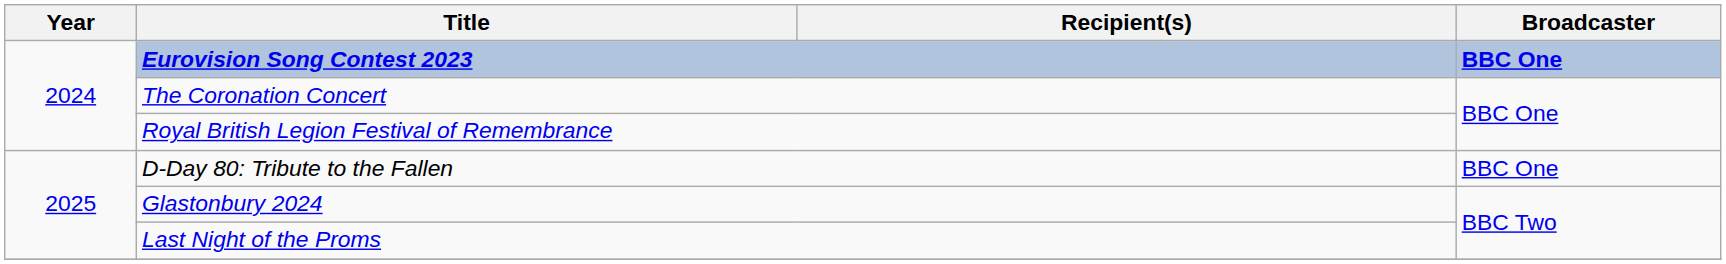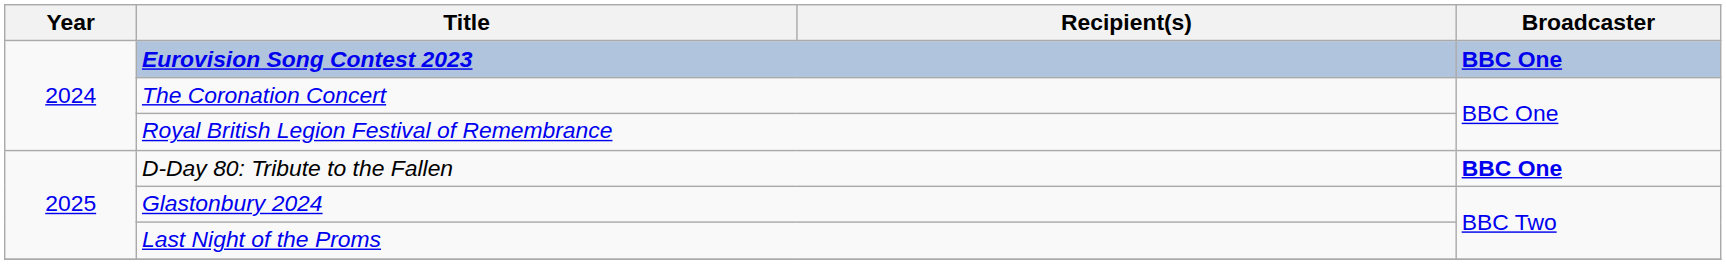 <table class="wikitable" width="95%">
 <tr>
 <th width=5%>Year</th>
 <th width=25%>Title</th>
 <th width=25%><strong>Recipient(s)</strong></th>
 <th width=10%><strong>Broadcaster</strong></th>
 </tr>
 <tr>
 <td rowspan="3" style="text-align:center;"><a href='#'>2024</a><br></td>
 <td colspan="2" style="background:#B0C4DE;"><strong><em><a href='#'>Eurovision Song Contest 2023</a></em></strong></td>
 <td style="background:#B0C4DE;"><strong><a href='#'>BBC One</a></strong></td>
 </tr>
 <tr>
 <td colspan="2"><em><a href='#'>The Coronation Concert</a></em></td>
 <td rowspan="2"><a href='#'>BBC One</a></td>
 </tr>
 <tr>
 <td colspan="2"><em><a href='#'>Royal British Legion Festival of Remembrance</a></em></td>
 </tr>
 <tr>
 <td rowspan="3" style="text-align:center;"><a href='#'>2025</a><br></td>
 <td colspan="2"><em>D-Day 80: Tribute to the Fallen</em></td>
-<td><a href='#'>BBC One</a></td>
+<td><strong><a href='#'>BBC One</a></strong></td>
 </tr>
 <tr>
 <td colspan="2"><em><a href='#'>Glastonbury 2024</a></em></td>
 <td rowspan="2"><a href='#'>BBC Two</a></td>
 </tr>
 <tr>
 <td colspan="2"><em><a href='#'>Last Night of the Proms</a></em></td>
 </tr>
 <tr>
 </tr>
 </table>
